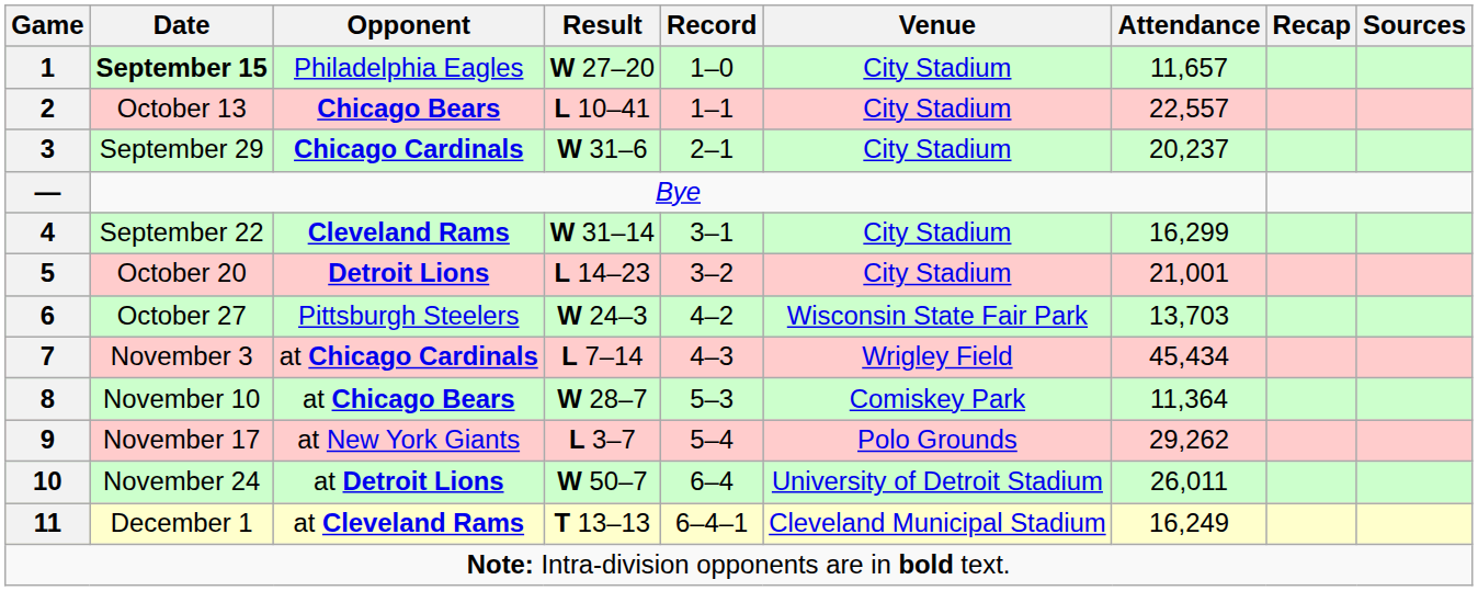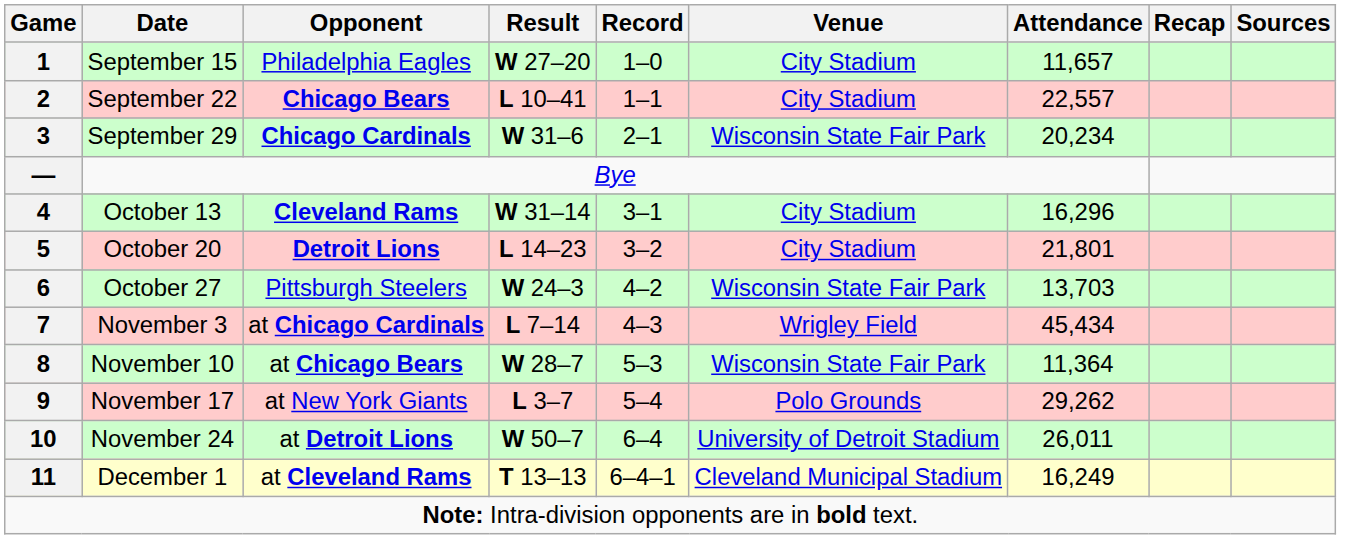 <table class="wikitable" style="text-align:center">
 <tr>
 <th>Game</th>
 <th>Date</th>
 <th>Opponent</th>
 <th>Result</th>
 <th>Record</th>
 <th>Venue</th>
 <th>Attendance</th>
 <th>Recap</th>
 <th>Sources</th>
 </tr>
 <tr style="background:#cfc">
 <th>1</th>
-<td><strong>September 15</strong></td>
+<td>September 15</td>
 <td><a href='#'>Philadelphia Eagles</a></td>
 <td><strong>W</strong> 27–20</td>
 <td>1–0</td>
 <td><a href='#'>City Stadium</a></td>
 <td>11,657</td>
 <td></td>
 <td></td>
 </tr>
 <tr style="background:#fcc">
 <th>2</th>
-<td>October 13</td>
+<td>September 22</td>
 <td><strong><a href='#'>Chicago Bears</a></strong></td>
 <td><strong>L</strong> 10–41</td>
 <td>1–1</td>
 <td><a href='#'>City Stadium</a></td>
 <td>22,557</td>
 <td></td>
 <td></td>
 </tr>
 <tr style="background:#cfc">
 <th>3</th>
 <td>September 29</td>
 <td><strong><a href='#'>Chicago Cardinals</a></strong></td>
 <td><strong>W</strong> 31–6</td>
 <td>2–1</td>
-<td><a href='#'>City Stadium</a></td>
-<td>20,237</td>
+<td><a href='#'>Wisconsin State Fair Park</a></td>
+<td>20,234</td>
 <td></td>
 <td></td>
 </tr>
 <tr>
 <th>—</th>
 <td colspan="6"><em><a href='#'>Bye</a></em></td>
 </tr>
 <tr style="background:#cfc">
 <th>4</th>
-<td>September 22</td>
+<td>October 13</td>
 <td><strong><a href='#'>Cleveland Rams</a></strong></td>
 <td><strong>W</strong> 31–14</td>
 <td>3–1</td>
 <td><a href='#'>City Stadium</a></td>
-<td>16,299</td>
+<td>16,296</td>
 <td></td>
 <td></td>
 </tr>
 <tr style="background:#fcc">
 <th>5</th>
 <td>October 20</td>
 <td><strong><a href='#'>Detroit Lions</a></strong></td>
 <td><strong>L</strong> 14–23</td>
 <td>3–2</td>
 <td><a href='#'>City Stadium</a></td>
-<td>21,001</td>
+<td>21,801</td>
 <td></td>
 <td></td>
 </tr>
 <tr style="background:#cfc">
 <th>6</th>
 <td>October 27</td>
 <td><a href='#'>Pittsburgh Steelers</a></td>
 <td><strong>W</strong> 24–3</td>
 <td>4–2</td>
 <td><a href='#'>Wisconsin State Fair Park</a></td>
 <td>13,703</td>
 <td></td>
 <td></td>
 </tr>
 <tr style="background:#fcc">
 <th>7</th>
 <td>November 3</td>
 <td>at <strong><a href='#'>Chicago Cardinals</a></strong></td>
 <td><strong>L</strong> 7–14</td>
 <td>4–3</td>
 <td><a href='#'>Wrigley Field</a></td>
 <td>45,434</td>
 <td></td>
 <td></td>
 </tr>
 <tr style="background:#cfc">
 <th>8</th>
 <td>November 10</td>
 <td>at <strong><a href='#'>Chicago Bears</a></strong></td>
 <td><strong>W</strong> 28–7</td>
 <td>5–3</td>
-<td><a href='#'>Comiskey Park</a></td>
+<td><a href='#'>Wisconsin State Fair Park</a></td>
 <td>11,364</td>
 <td></td>
 <td></td>
 </tr>
 <tr style="background:#fcc">
 <th>9</th>
 <td>November 17</td>
 <td>at <a href='#'>New York Giants</a></td>
 <td><strong>L</strong> 3–7</td>
 <td>5–4</td>
 <td><a href='#'>Polo Grounds</a></td>
 <td>29,262</td>
 <td></td>
 <td></td>
 </tr>
 <tr style="background:#cfc">
 <th>10</th>
 <td>November 24</td>
 <td>at <strong><a href='#'>Detroit Lions</a></strong></td>
 <td><strong>W</strong> 50–7</td>
 <td>6–4</td>
 <td><a href='#'>University of Detroit Stadium</a></td>
 <td>26,011</td>
 <td></td>
 <td></td>
 </tr>
 <tr style="background:#ffc">
 <th>11</th>
 <td>December 1</td>
 <td>at <strong><a href='#'>Cleveland Rams</a></strong></td>
 <td><strong>T</strong> 13–13</td>
 <td>6–4–1</td>
 <td><a href='#'>Cleveland Municipal Stadium</a></td>
 <td>16,249</td>
 <td></td>
 <td></td>
 </tr>
 <tr>
 <td colspan="10"><strong>Note:</strong> Intra-division opponents are in <strong>bold</strong> text.</td>
 </tr>
 </table>
